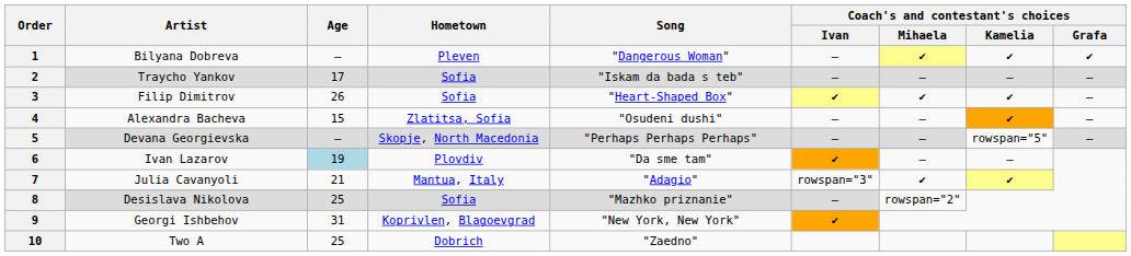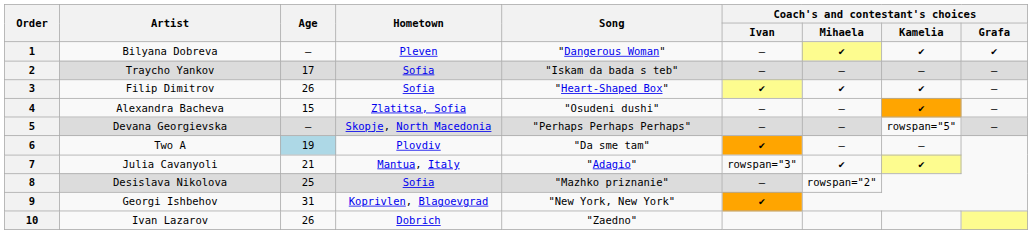 <table class="wikitable" style="text-align:center; line-height:17px; width:100%;">
 <tr>
 <th rowspan="2" scope="col" style="width:05%;">Order</th>
 <th rowspan="2" scope="col" style="width:20%;">Artist</th>
 <th rowspan="2" scope="col" style="width:05%;">Age</th>
 <th rowspan="2" scope="col" style="width:15%;">Hometown</th>
 <th rowspan="2" scope="col" style="width:20%;">Song</th>
 <th colspan="4" scope="col" style="width:32%;">Coach's and contestant's choices</th>
 </tr>
 <tr>
 <th style="width:06%;">Ivan</th>
 <th style="width:06%;">Mihaela</th>
 <th style="width:06%;">Kamelia</th>
 <th style="width:06%;">Grafa</th>
 </tr>
 <tr>
 <th>1</th>
 <td>Bilyana Dobreva</td>
 <td>–</td>
 <td><a href='#'>Pleven</a></td>
 <td>"<a href='#'>Dangerous Woman</a>"</td>
 <td>–</td>
 <td style="background:#fdfc8f;">✔</td>
 <td>✔</td>
 <td>✔</td>
 </tr>
 <tr>
 <th>2</th>
 <td style="background:#dcdcdc;">Traycho Yankov</td>
 <td style="background:#dcdcdc;">17</td>
 <td style="background:#dcdcdc;"><a href='#'>Sofia</a></td>
 <td style="background:#dcdcdc;">"Iskam da bada s teb"</td>
 <td style="background:#dcdcdc;">–</td>
 <td style="background:#dcdcdc;">–</td>
 <td style="background:#dcdcdc;">–</td>
 <td style="background:#dcdcdc;">–</td>
 </tr>
 <tr>
 <th>3</th>
 <td>Filip Dimitrov</td>
 <td>26</td>
 <td><a href='#'>Sofia</a></td>
 <td>"<a href='#'>Heart-Shaped Box</a>"</td>
 <td style="background:#fdfc8f;">✔</td>
 <td>✔</td>
 <td>✔</td>
 <td>–</td>
 </tr>
 <tr>
 <th>4</th>
 <td>Alexandra Bacheva</td>
 <td>15</td>
 <td><a href='#'>Zlatitsa, Sofia</a></td>
 <td>"Osudeni dushi"</td>
 <td>–</td>
 <td>–</td>
 <td style="background:orange;">✔</td>
 <td>–</td>
 </tr>
 <tr>
 <th>5</th>
 <td style="background:#dcdcdc;">Devana Georgievska</td>
 <td style="background:#dcdcdc;">–</td>
 <td style="background:#dcdcdc;"><a href='#'>Skopje</a>, <a href='#'>North Macedonia</a></td>
 <td style="background:#dcdcdc;">"Perhaps Perhaps Perhaps"</td>
 <td style="background:#dcdcdc;">–</td>
 <td style="background:#dcdcdc;">–</td>
 <td>rowspan="5" </td>
 <td style="background:#dcdcdc;">–</td>
 </tr>
 <tr>
 <th>6</th>
-<td>Ivan Lazarov</td>
+<td>Two A</td>
 <td style="background: lightblue;">19</td>
 <td><a href='#'>Plovdiv</a></td>
 <td>"Da sme tam"</td>
 <td style="background:orange;">✔</td>
 <td>–</td>
 <td>–</td>
 </tr>
 <tr>
 <th>7</th>
 <td>Julia Cavanyoli</td>
 <td>21</td>
 <td><a href='#'>Mantua</a>, <a href='#'>Italy</a></td>
 <td>"<a href='#'>Adagio</a>"</td>
 <td>rowspan="3" </td>
 <td>✔</td>
 <td style="background:#fdfc8f;">✔</td>
 </tr>
 <tr>
 <th>8</th>
 <td style="background:#dcdcdc;">Desislava Nikolova</td>
 <td style="background:#dcdcdc;">25</td>
 <td style="background:#dcdcdc;"><a href='#'>Sofia</a></td>
 <td style="background:#dcdcdc;">"Mazhko priznanie"</td>
 <td style="background:#dcdcdc;">–</td>
 <td>rowspan="2" </td>
 </tr>
 <tr>
 <th>9</th>
 <td>Georgi Ishbehov</td>
 <td>31</td>
 <td><a href='#'>Koprivlen</a>, <a href='#'>Blagoevgrad</a></td>
 <td>"New York, New York"</td>
 <td style="background:orange;">✔</td>
 </tr>
 <tr>
 <th>10</th>
-<td>Two A</td>
-<td>25</td>
+<td>Ivan Lazarov</td>
+<td>26</td>
 <td><a href='#'>Dobrich</a></td>
 <td>"Zaedno"</td>
 <td></td>
 <td></td>
 <td></td>
 <td style="background:#fdfc8f;"></td>
 </tr>
 </table>
